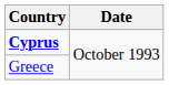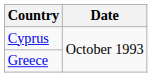 <table class="wikitable">
 <tr>
 <th>Country</th>
 <th>Date</th>
 </tr>
 <tr>
-<td><strong><a href='#'>Cyprus</a></strong></td>
+<td><a href='#'>Cyprus</a></td>
 <td rowspan="2">October 1993</td>
 </tr>
 <tr>
 <td><a href='#'>Greece</a></td>
 </tr>
 </table>
